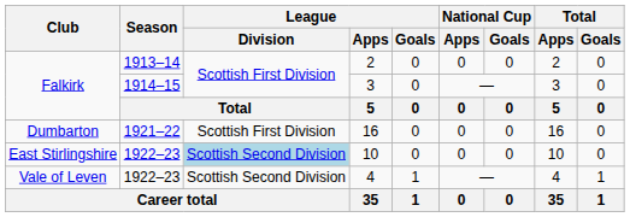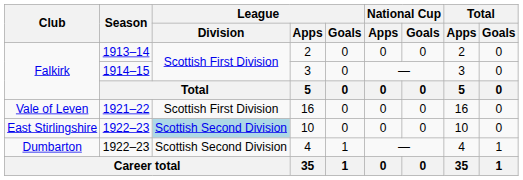 <table class="wikitable" style="text-align: center;">
 <tr>
 <th rowspan="2">Club</th>
 <th rowspan="2">Season</th>
 <th colspan="3">League</th>
 <th colspan="2">National Cup</th>
 <th colspan="2">Total</th>
 </tr>
 <tr>
 <th>Division</th>
 <th>Apps</th>
 <th>Goals</th>
 <th>Apps</th>
 <th>Goals</th>
 <th>Apps</th>
 <th>Goals</th>
 </tr>
 <tr>
 <td rowspan="3"><a href='#'>Falkirk</a></td>
 <td><a href='#'>1913–14</a></td>
 <td rowspan="2"><a href='#'>Scottish First Division</a></td>
 <td>2</td>
 <td>0</td>
 <td>0</td>
 <td>0</td>
 <td>2</td>
 <td>0</td>
 </tr>
 <tr>
 <td><a href='#'>1914–15</a></td>
 <td>3</td>
 <td>0</td>
 <td colspan="2">—</td>
 <td>3</td>
 <td>0</td>
 </tr>
 <tr>
 <th colspan="2">Total</th>
 <th>5</th>
 <th>0</th>
 <th>0</th>
 <th>0</th>
 <th>5</th>
 <th>0</th>
 </tr>
 <tr>
-<td><a href='#'>Dumbarton</a></td>
+<td><a href='#'>Vale of Leven</a></td>
 <td><a href='#'>1921–22</a></td>
 <td>Scottish First Division</td>
 <td>16</td>
 <td>0</td>
 <td>0</td>
 <td>0</td>
 <td>16</td>
 <td>0</td>
 </tr>
 <tr>
 <td><a href='#'>East Stirlingshire</a></td>
 <td><a href='#'>1922–23</a></td>
 <td style="background: lightblue;"><a href='#'>Scottish Second Division</a></td>
 <td>10</td>
 <td>0</td>
 <td>0</td>
 <td>0</td>
 <td>10</td>
 <td>0</td>
 </tr>
 <tr>
-<td><a href='#'>Vale of Leven</a></td>
+<td><a href='#'>Dumbarton</a></td>
 <td>1922–23</td>
 <td>Scottish Second Division</td>
 <td>4</td>
 <td>1</td>
 <td colspan="2">—</td>
 <td>4</td>
 <td>1</td>
 </tr>
 <tr>
 <th colspan="3">Career total</th>
 <th>35</th>
 <th>1</th>
 <th>0</th>
 <th>0</th>
 <th>35</th>
 <th>1</th>
 </tr>
 </table>
